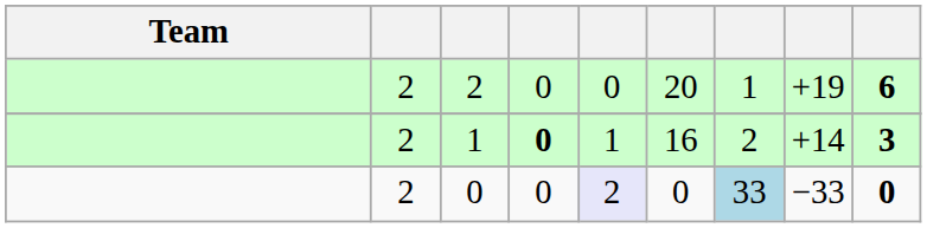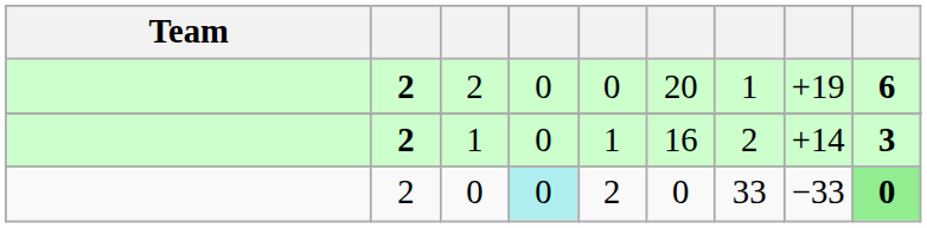 <table class=wikitable style="text-align:center">
 <tr>
 <th width=165>Team</th>
 <th width=25></th>
 <th width=25></th>
 <th width=25></th>
 <th width=25></th>
 <th width=25></th>
 <th width=25></th>
 <th width=25></th>
 <th width=25></th>
 </tr>
 <tr style="background:#ccffcc">
 <td style="text-align:left"></td>
-<td>2</td>
+<td><strong>2</strong></td>
 <td>2</td>
 <td>0</td>
 <td>0</td>
 <td>20</td>
 <td>1</td>
 <td>+19</td>
 <td><strong>6</strong></td>
 </tr>
 <tr>
 </tr>
 <tr style="background:#ccffcc">
 <td style="text-align:left"></td>
-<td>2</td>
+<td><strong>2</strong></td>
 <td>1</td>
-<td><strong>0</strong></td>
+<td>0</td>
 <td>1</td>
 <td>16</td>
 <td>2</td>
 <td>+14</td>
 <td><strong>3</strong></td>
 </tr>
 <tr>
 <td style="text-align:left"></td>
 <td>2</td>
 <td>0</td>
+<td style="background: paleturquoise;">0</td>
+<td>2</td>
 <td>0</td>
-<td style="background: lavender;">2</td>
-<td>0</td>
-<td style="background: lightblue;">33</td>
+<td>33</td>
 <td>−33</td>
-<td><strong>0</strong></td>
+<td style="background: lightgreen;"><strong>0</strong></td>
 </tr>
 </table>
